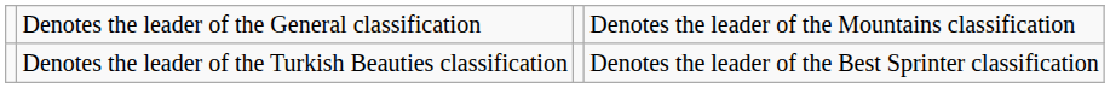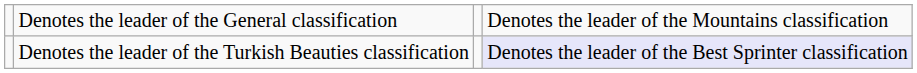 <table class="wikitable">
 <tr>
 <td></td>
 <td>Denotes the leader of the General classification</td>
 <td></td>
 <td>Denotes the leader of the Mountains classification</td>
 </tr>
 <tr>
 <td></td>
 <td>Denotes the leader of the Turkish Beauties classification</td>
 <td></td>
-<td>Denotes the leader of the Best Sprinter classification</td>
+<td style="background: lavender;">Denotes the leader of the Best Sprinter classification</td>
 </tr>
 </table>
